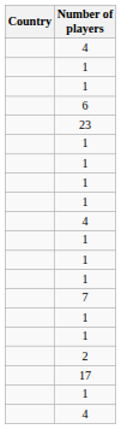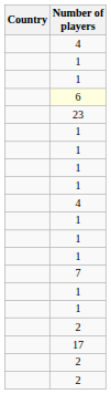 <table class="wikitable sortable" style="text-align:center;">
 <tr>
 <th>Country</th>
 <th>Number of<br>players</th>
 </tr>
 <tr>
 <td align=left></td>
 <td>4</td>
 </tr>
 <tr>
 <td align=left></td>
 <td>1</td>
 </tr>
 <tr>
 <td align=left></td>
 <td>1</td>
 </tr>
 <tr>
 <td align=left></td>
-<td>6</td>
+<td style="background: lightyellow;">6</td>
 </tr>
 <tr>
 <td align=left></td>
 <td>23</td>
 </tr>
 <tr>
 <td align=left></td>
 <td>1</td>
 </tr>
 <tr>
 <td align=left></td>
 <td>1</td>
 </tr>
 <tr>
 <td align=left></td>
 <td>1</td>
 </tr>
 <tr>
 <td align=left></td>
 <td>1</td>
 </tr>
 <tr>
 <td align=left></td>
 <td>4</td>
 </tr>
 <tr>
 <td align=left></td>
 <td>1</td>
 </tr>
 <tr>
 <td align=left></td>
 <td>1</td>
 </tr>
 <tr>
 <td align=left></td>
 <td>1</td>
 </tr>
 <tr>
 <td align=left></td>
 <td>7</td>
 </tr>
 <tr>
 <td align=left></td>
 <td>1</td>
 </tr>
 <tr>
 <td align=left></td>
 <td>1</td>
 </tr>
 <tr>
 <td align=left></td>
 <td>2</td>
 </tr>
 <tr>
 <td align=left></td>
 <td>17</td>
 </tr>
 <tr>
 <td align=left></td>
-<td>1</td>
+<td>2</td>
 </tr>
 <tr>
 <td align=left></td>
-<td>4</td>
+<td>2</td>
 </tr>
 </table>
